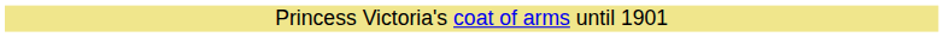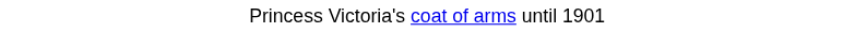 <table border="0"  style="margin:auto; width:80%;">
 <tr>
 <th width=25%></th>
 </tr>
 <tr>
-<td style="background: khaki; text-align: center;">Princess Victoria's <a href='#'>coat of arms</a> until 1901</td>
+<td style="text-align: center;">Princess Victoria's <a href='#'>coat of arms</a> until 1901</td>
 </tr>
 </table>
